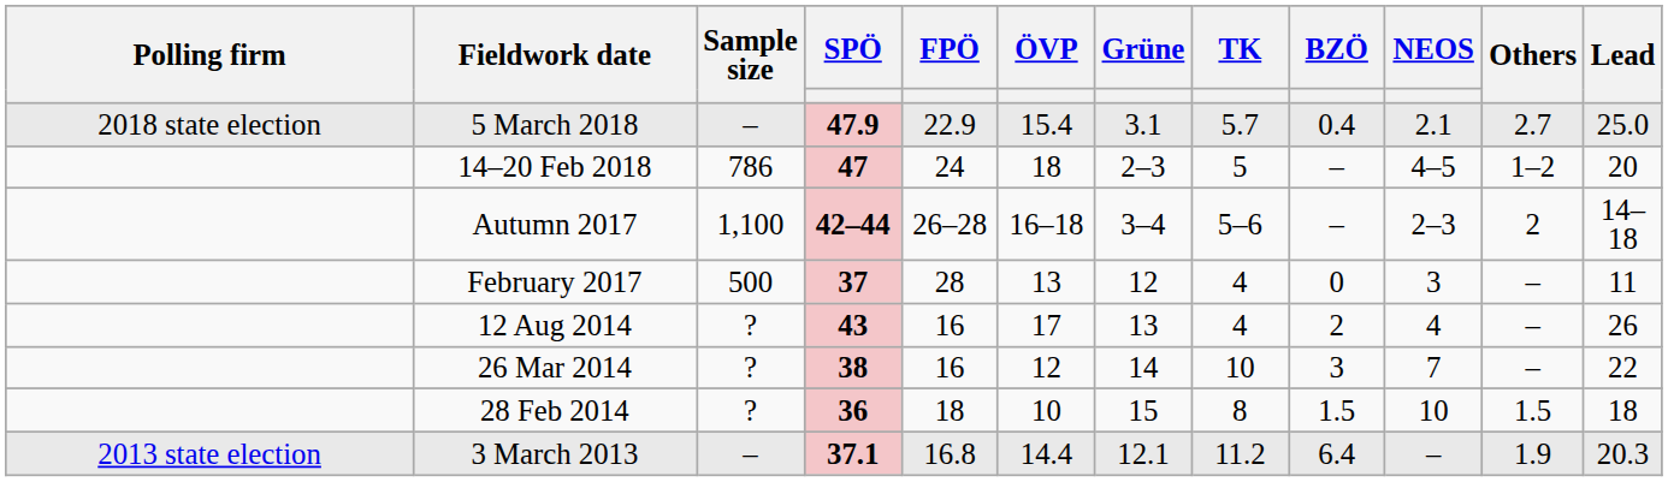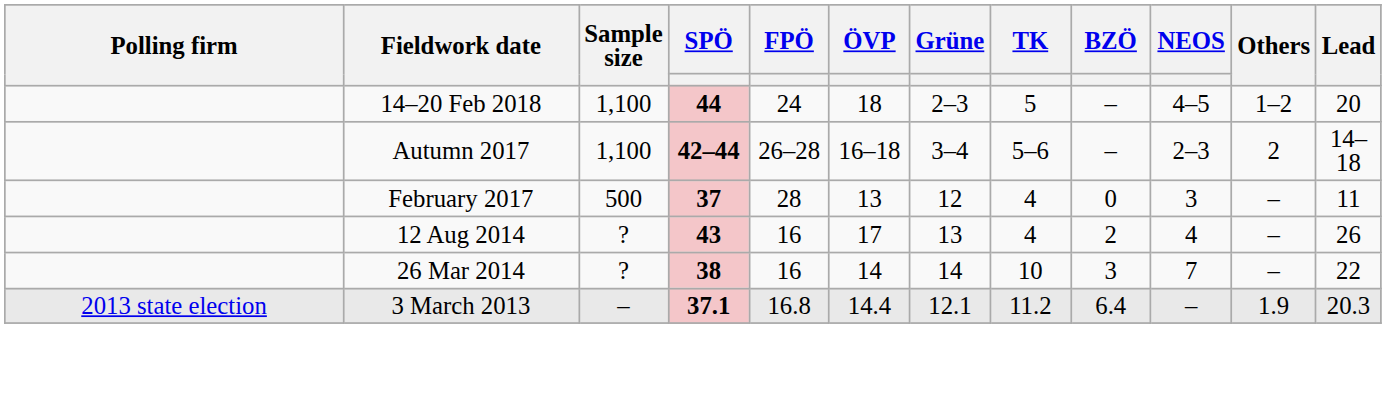 <table class="wikitable sortable" style="text-align:center;font-size:90%;line-height:14px;">
 <tr style="height:40px;">
 <th style="width:190px;" rowspan="2">Polling firm</th>
 <th style="width:130px;" rowspan="2">Fieldwork date</th>
 <th style="width:35px;" rowspan="2">Sample<br>size</th>
 <th class="unsortable" style="width:40px;"><a href='#'>SPÖ</a></th>
 <th class="unsortable" style="width:40px;"><a href='#'>FPÖ</a></th>
 <th class="unsortable" style="width:40px;"><a href='#'>ÖVP</a></th>
 <th class="unsortable" style="width:40px;"><a href='#'>Grüne</a></th>
 <th class="unsortable" style="width:40px;"><a href='#'>TK</a></th>
 <th class="unsortable" style="width:40px;"><a href='#'>BZÖ</a></th>
 <th class="unsortable" style="width:40px;"><a href='#'>NEOS</a></th>
 <th class="unsortable" style="width:40px;" rowspan="2">Others</th>
 <th style="width:30px;" rowspan="2">Lead</th>
 </tr>
 <tr>
 <th style="background:"></th>
 <th style="background:"></th>
 <th style="background:"></th>
 <th style="background:"></th>
 <th style="background:"></th>
 <th style="background:"></th>
 <th style="background:"></th>
 </tr>
-<tr style="background:#E9E9E9;">
-<td>2018 state election</td>
-<td data-sort-value="2018-03-05">5 March 2018</td>
-<td>–</td>
-<td style="background:#F4C6C9;"><strong>47.9</strong></td>
-<td>22.9</td>
-<td>15.4</td>
-<td>3.1</td>
-<td>5.7</td>
-<td>0.4</td>
-<td>2.1</td>
-<td>2.7</td>
-<td style="background:">25.0</td>
-</tr>
 <tr>
 <td></td>
 <td data-sort-value="2018-02-22">14–20 Feb 2018</td>
-<td>786</td>
-<td style="background:#F4C6C9;"><strong>47</strong></td>
+<td>1,100</td>
+<td style="background:#F4C6C9;"><strong>44</strong></td>
 <td>24</td>
 <td>18</td>
 <td>2–3</td>
 <td>5</td>
 <td>–</td>
 <td>4–5</td>
 <td>1–2</td>
 <td style="background:">20</td>
 </tr>
 <tr>
 <td></td>
 <td data-sort-value="2018-02-05">Autumn 2017</td>
 <td>1,100</td>
 <td style="background:#F4C6C9;"><strong>42–44</strong></td>
 <td>26–28</td>
 <td>16–18</td>
 <td>3–4</td>
 <td>5–6</td>
 <td>–</td>
 <td>2–3</td>
 <td>2</td>
 <td style="background:">14–18</td>
 </tr>
 <tr>
 <td></td>
 <td data-sort-value="2017-05-06">February 2017</td>
 <td>500</td>
 <td style="background:#F4C6C9;"><strong>37</strong></td>
 <td>28</td>
 <td>13</td>
 <td>12</td>
 <td>4</td>
 <td>0</td>
 <td>3</td>
 <td>–</td>
 <td style="background:">11</td>
 </tr>
 <tr>
 <td></td>
 <td data-sort-value="2014-08-12">12 Aug 2014</td>
 <td>?</td>
 <td style="background:#F4C6C9;"><strong>43</strong></td>
 <td>16</td>
 <td>17</td>
 <td>13</td>
 <td>4</td>
 <td>2</td>
 <td>4</td>
 <td>–</td>
 <td style="background:">26</td>
 </tr>
 <tr>
 <td></td>
 <td data-sort-value="2014-03-26">26 Mar 2014</td>
 <td>?</td>
 <td style="background:#F4C6C9;"><strong>38</strong></td>
 <td>16</td>
-<td>12</td>
+<td>14</td>
 <td>14</td>
 <td>10</td>
 <td>3</td>
 <td>7</td>
 <td>–</td>
 <td style="background:">22</td>
-</tr>
-<tr>
-<td></td>
-<td data-sort-value="2014-02-28">28 Feb 2014</td>
-<td>?</td>
-<td style="background:#F4C6C9;"><strong>36</strong></td>
-<td>18</td>
-<td>10</td>
-<td>15</td>
-<td>8</td>
-<td>1.5</td>
-<td>10</td>
-<td>1.5</td>
-<td style="background:">18</td>
 </tr>
 <tr style="background:#E9E9E9;">
 <td><a href='#'>2013 state election</a></td>
 <td data-sort-value="2013-03-03">3 March 2013</td>
 <td>–</td>
 <td style="background:#F4C6C9;"><strong>37.1</strong></td>
 <td>16.8</td>
 <td>14.4</td>
 <td>12.1</td>
 <td>11.2</td>
 <td>6.4</td>
 <td>–</td>
 <td>1.9</td>
 <td style="background:">20.3</td>
 </tr>
 </table>
